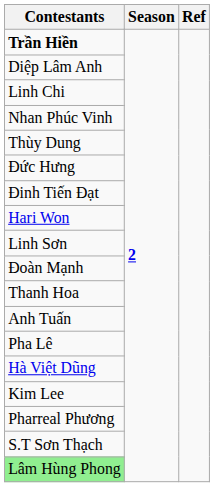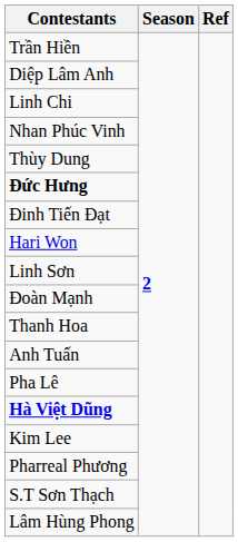 <table class="wikitable">
 <tr>
 <th rowspan="2">Contestants</th>
 <th>Season</th>
 <th><strong>Ref</strong></th>
 </tr>
 <tr>
 <td rowspan="19"><strong><a href='#'>2</a></strong></td>
 <td rowspan="19"></td>
 </tr>
 <tr>
-<td><strong>Trần Hiền</strong></td>
+<td>Trần Hiền</td>
 </tr>
 <tr>
 <td>Diệp Lâm Anh</td>
 </tr>
 <tr>
 <td>Linh Chi</td>
 </tr>
 <tr>
 <td>Nhan Phúc Vinh</td>
 </tr>
 <tr>
 <td>Thùy Dung</td>
 </tr>
 <tr>
-<td>Đức Hưng</td>
+<td><strong>Đức Hưng</strong></td>
 </tr>
 <tr>
 <td>Đinh Tiến Đạt</td>
 </tr>
 <tr>
 <td><a href='#'>Hari Won</a></td>
 </tr>
 <tr>
 <td>Linh Sơn</td>
 </tr>
 <tr>
 <td>Đoàn Mạnh</td>
 </tr>
 <tr>
 <td>Thanh Hoa</td>
 </tr>
 <tr>
 <td>Anh Tuấn</td>
 </tr>
 <tr>
 <td>Pha Lê</td>
 </tr>
 <tr>
-<td><a href='#'>Hà Việt Dũng</a></td>
+<td><strong><a href='#'>Hà Việt Dũng</a></strong></td>
 </tr>
 <tr>
 <td>Kim Lee</td>
 </tr>
 <tr>
 <td>Pharreal Phương</td>
 </tr>
 <tr>
 <td>S.T Sơn Thạch</td>
 </tr>
 <tr>
-<td style="background: lightgreen;">Lâm Hùng Phong</td>
+<td>Lâm Hùng Phong</td>
 </tr>
 </table>
